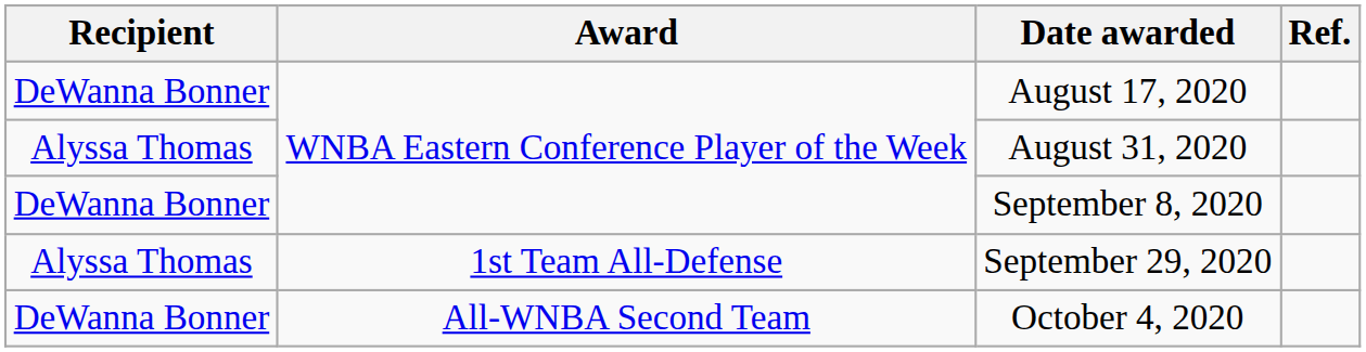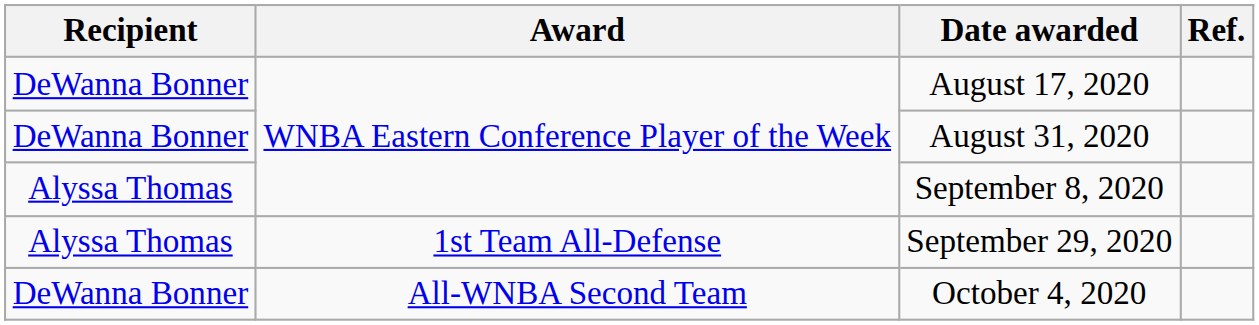 <table class="wikitable sortable sortable" style="text-align: center">
 <tr>
 <th>Recipient</th>
 <th>Award</th>
 <th>Date awarded</th>
 <th>Ref.</th>
 </tr>
 <tr>
 <td><a href='#'>DeWanna Bonner</a></td>
 <td rowspan=3><a href='#'>WNBA Eastern Conference Player of the Week</a></td>
 <td>August 17, 2020</td>
 <td></td>
 </tr>
 <tr>
-<td><a href='#'>Alyssa Thomas</a></td>
+<td><a href='#'>DeWanna Bonner</a></td>
 <td>August 31, 2020</td>
 <td></td>
 </tr>
 <tr>
-<td><a href='#'>DeWanna Bonner</a></td>
+<td><a href='#'>Alyssa Thomas</a></td>
 <td>September 8, 2020</td>
 <td></td>
 </tr>
 <tr>
 <td><a href='#'>Alyssa Thomas</a></td>
 <td><a href='#'>1st Team All-Defense</a></td>
 <td>September 29, 2020</td>
 <td></td>
 </tr>
 <tr>
 <td><a href='#'>DeWanna Bonner</a></td>
 <td><a href='#'>All-WNBA Second Team</a></td>
 <td>October 4, 2020</td>
 <td></td>
 </tr>
 </table>
